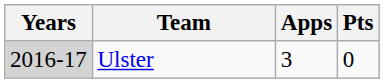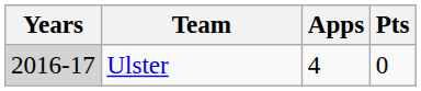 <table class="wikitable" style="text-align:left;">
 <tr>
 <th>Years</th>
 <th width=120px>Team</th>
 <th>Apps</th>
 <th>Pts</th>
 </tr>
 <tr>
 <td style="background: lightgrey;">2016-17</td>
 <td><a href='#'>Ulster</a></td>
-<td>3</td>
+<td>4</td>
 <td>0</td>
 </tr>
 </table>
